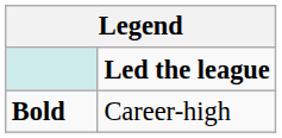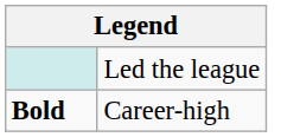 <table class="wikitable">
 <tr>
 <th colspan="2">Legend</th>
 </tr>
 <tr>
 <td style="background:#cfecec; width:3em;"></td>
-<td><strong>Led the league</strong></td>
+<td>Led the league</td>
 </tr>
 <tr>
 <td><strong>Bold</strong></td>
 <td>Career-high</td>
 </tr>
 </table>
